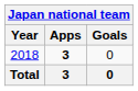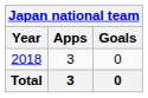 <table class="wikitable" style="text-align:center">
 <tr>
 <th colspan=3><a href='#'>Japan national team</a></th>
 </tr>
 <tr>
 <th>Year</th>
 <th>Apps</th>
 <th>Goals</th>
 </tr>
 <tr>
 <td><a href='#'>2018</a></td>
-<td><strong>3</strong></td>
+<td>3</td>
 <td>0</td>
 </tr>
 <tr>
 <th>Total</th>
 <th>3</th>
 <th>0</th>
 </tr>
 </table>
